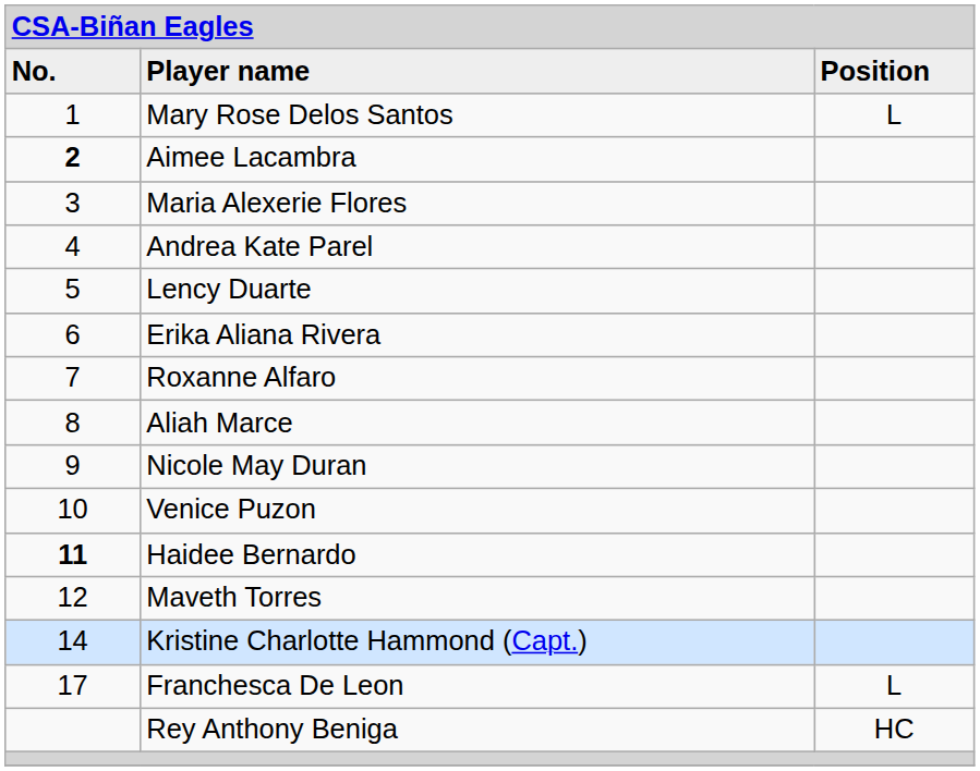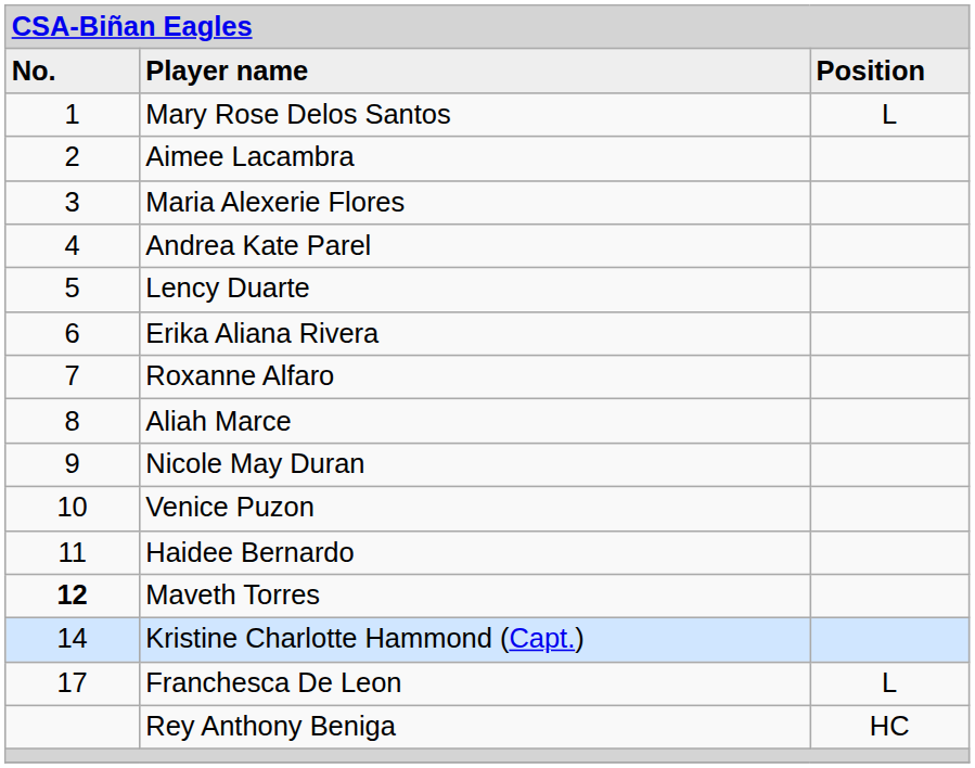 <table class="wikitable collapsible collapsed" style="font-size:100%;width:35em;">
 <tr>
 <th style="background:#D4D4D4; text-align:left;" colspan=3> <a href='#'>CSA-Biñan Eagles</a></th>
 </tr>
 <tr style="background:#EEEEEE; font-weight:bold;">
 <td width=10%>No.</td>
 <td width=50%>Player name</td>
 <td width=10%>Position</td>
 </tr>
 <tr>
 <td align=center>1</td>
 <td>Mary Rose Delos Santos</td>
 <td align=center>L</td>
 </tr>
 <tr>
-<td align=center><strong>2</strong></td>
+<td align=center>2</td>
 <td>Aimee Lacambra</td>
 <td align=center></td>
 </tr>
 <tr>
 <td align=center>3</td>
 <td>Maria Alexerie Flores</td>
 <td align=center></td>
 </tr>
 <tr>
 <td align=center>4</td>
 <td>Andrea Kate Parel</td>
 <td align=center></td>
 </tr>
 <tr>
 <td align=center>5</td>
 <td>Lency Duarte</td>
 <td align=center></td>
 </tr>
 <tr>
 <td align=center>6</td>
 <td>Erika Aliana Rivera</td>
 <td align=center></td>
 </tr>
 <tr>
 <td align=center>7</td>
 <td>Roxanne Alfaro</td>
 <td align=center></td>
 </tr>
 <tr>
 <td align=center>8</td>
 <td>Aliah Marce</td>
 <td align=center></td>
 </tr>
 <tr>
 <td align=center>9</td>
 <td>Nicole May Duran</td>
 <td align=center></td>
 </tr>
 <tr>
 <td align=center>10</td>
 <td>Venice Puzon</td>
 <td align=center></td>
 </tr>
 <tr>
-<td align=center><strong>11</strong></td>
+<td align=center>11</td>
 <td>Haidee Bernardo</td>
 <td align=center></td>
 </tr>
 <tr>
-<td align=center>12</td>
+<td align=center><strong>12</strong></td>
 <td>Maveth Torres</td>
 <td align=center></td>
 </tr>
 <tr style="background:#D0E6FF;">
 <td align=center>14</td>
 <td>Kristine Charlotte Hammond  (<a href='#'>Capt.</a>)</td>
 <td align=center></td>
 </tr>
 <tr>
 <td align=center>17</td>
 <td>Franchesca De Leon</td>
 <td align=center>L</td>
 </tr>
 <tr>
 <td align=center></td>
 <td>Rey Anthony Beniga</td>
 <td align=center>HC</td>
 </tr>
 <tr>
 <th style="background:#D4D4D4;" colspan=3></th>
 </tr>
 <tr>
 </tr>
 </table>
